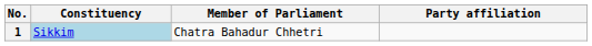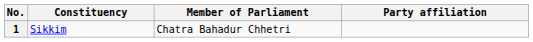 <table class="wikitable">
 <tr style="text-align:center;">
 <th>No.</th>
 <th style="width:12em">Constituency</th>
 <th style="width:18em">Member of Parliament</th>
 <th colspan="2" style="width:18em">Party affiliation</th>
 </tr>
 <tr>
 <th>1</th>
-<td style="background: lightblue;"><a href='#'>Sikkim</a></td>
+<td><a href='#'>Sikkim</a></td>
 <td>Chatra Bahadur Chhetri</td>
 <td></td>
 </tr>
 </table>
